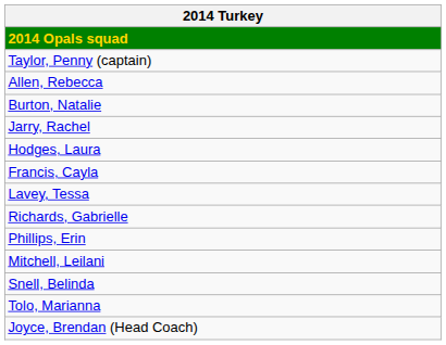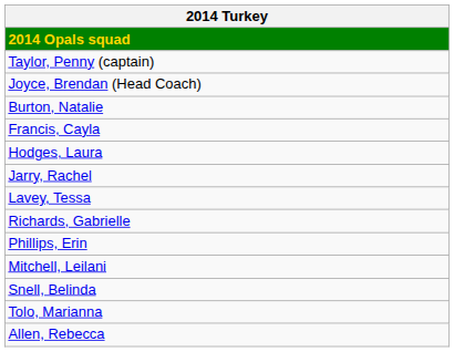 <table class="wikitable collapsible autocollapse" width=25%>
 <tr>
 <th>2014 Turkey</th>
 </tr>
 <tr>
 <td bgcolor=green style="color:gold; width:200px"><strong>2014 Opals squad</strong></td>
 </tr>
 <tr>
 <td><a href='#'>Taylor, Penny</a> (captain)</td>
 </tr>
 <tr>
-<td><a href='#'>Allen, Rebecca</a></td>
+<td><a href='#'>Joyce, Brendan</a> (Head Coach)</td>
 </tr>
 <tr>
 <td><a href='#'>Burton, Natalie</a></td>
 </tr>
 <tr>
-<td><a href='#'>Jarry, Rachel</a></td>
+<td><a href='#'>Francis, Cayla</a></td>
 </tr>
 <tr>
 <td><a href='#'>Hodges, Laura</a></td>
 </tr>
 <tr>
-<td><a href='#'>Francis, Cayla</a></td>
+<td><a href='#'>Jarry, Rachel</a></td>
 </tr>
 <tr>
 <td><a href='#'>Lavey, Tessa</a></td>
 </tr>
 <tr>
 <td><a href='#'>Richards, Gabrielle</a></td>
 </tr>
 <tr>
 <td><a href='#'>Phillips, Erin</a></td>
 </tr>
 <tr>
 <td><a href='#'>Mitchell, Leilani</a></td>
 </tr>
 <tr>
 <td><a href='#'>Snell, Belinda</a></td>
 </tr>
 <tr>
 <td><a href='#'>Tolo, Marianna</a></td>
 </tr>
 <tr>
-<td><a href='#'>Joyce, Brendan</a> (Head Coach)</td>
+<td><a href='#'>Allen, Rebecca</a></td>
 </tr>
 </table>
